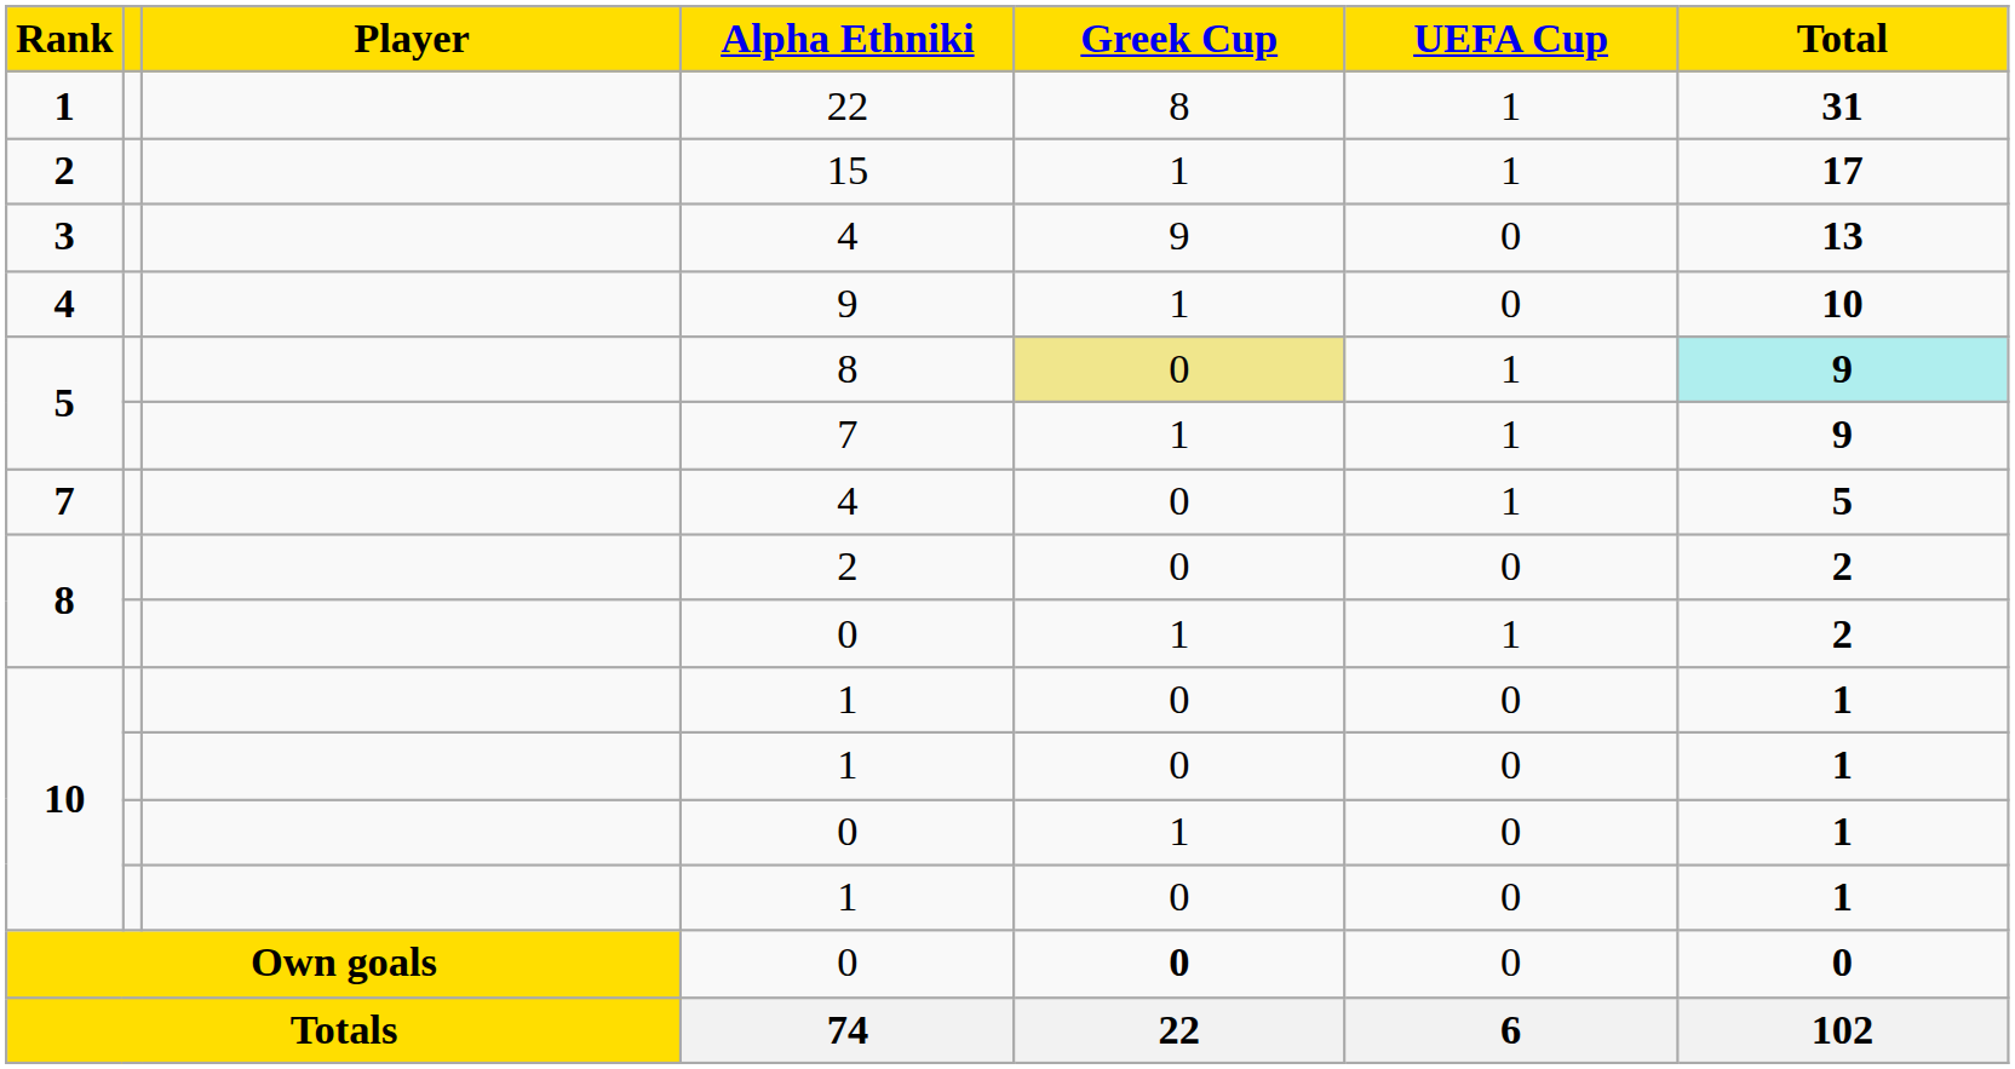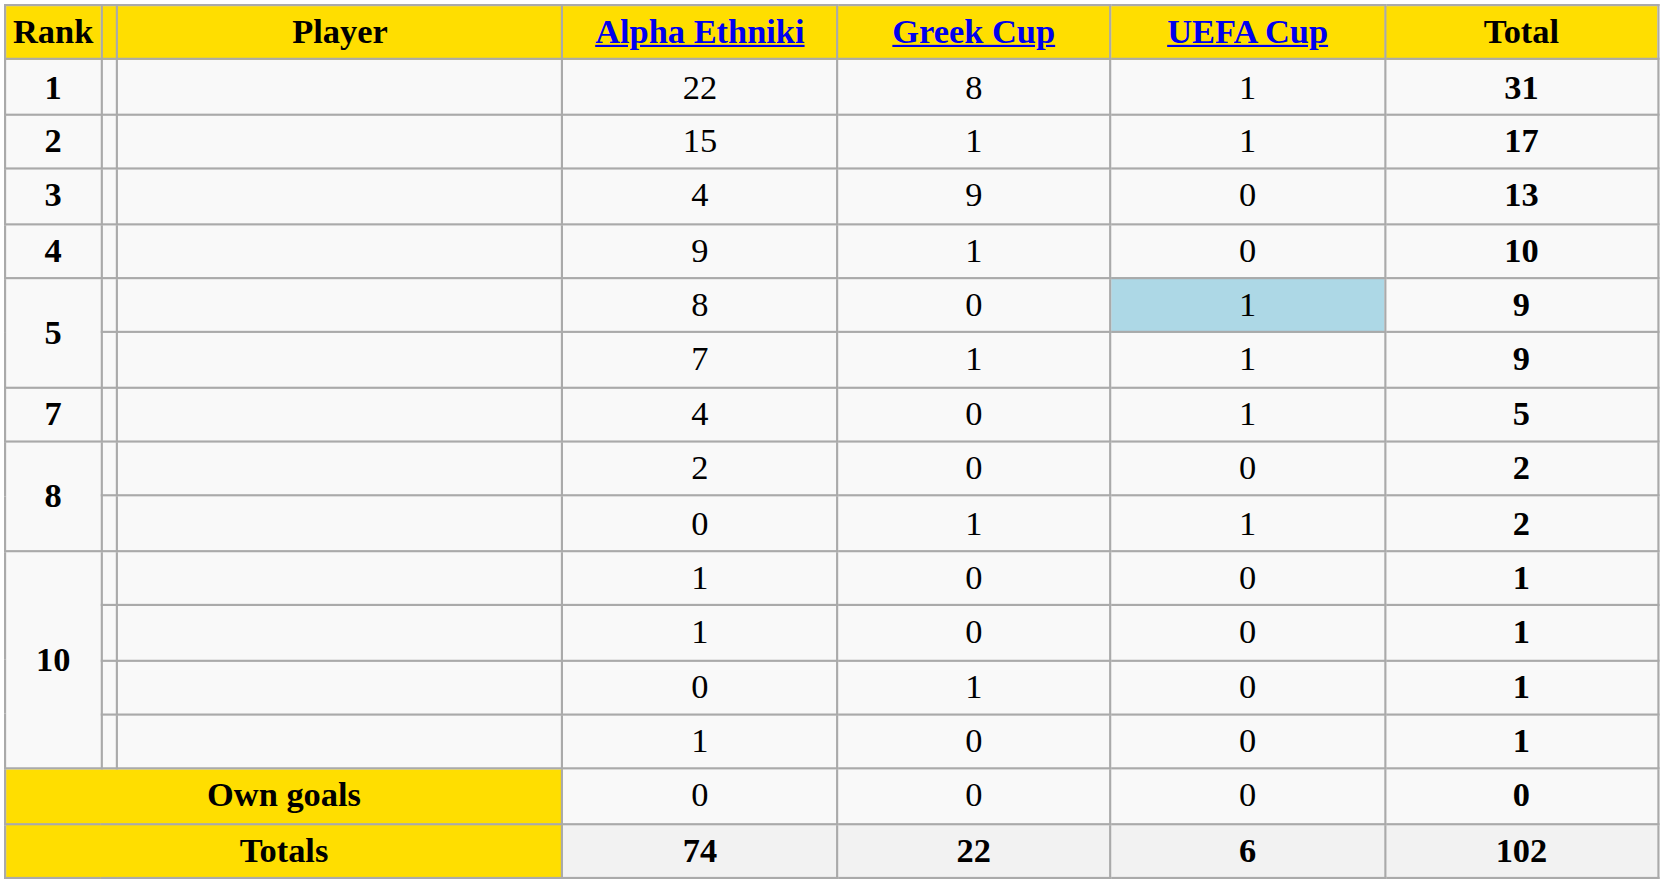 <table class="wikitable sortable" style="text-align: center">
 <tr>
 <th style="background:#FFDE00">Rank</th>
 <th style="background:#FFDE00"></th>
 <th width=200 style="background:#FFDE00">Player</th>
 <th width=120 style="background:#FFDE00"><a href='#'>Alpha Ethniki</a></th>
 <th width=120 style="background:#FFDE00"><a href='#'>Greek Cup</a></th>
 <th width=120 style="background:#FFDE00"><a href='#'>UEFA Cup</a></th>
 <th width=120 style="background:#FFDE00">Total</th>
 </tr>
 <tr>
 <td><strong>1</strong></td>
 <td></td>
 <td align=left></td>
 <td>22</td>
 <td>8</td>
 <td>1</td>
 <td><strong>31</strong></td>
 </tr>
 <tr>
 <td><strong>2</strong></td>
 <td></td>
 <td align=left></td>
 <td>15</td>
 <td>1</td>
 <td>1</td>
 <td><strong>17</strong></td>
 </tr>
 <tr>
 <td><strong>3</strong></td>
 <td></td>
 <td align=left></td>
 <td>4</td>
 <td>9</td>
 <td>0</td>
 <td><strong>13</strong></td>
 </tr>
 <tr>
 <td><strong>4</strong></td>
 <td></td>
 <td align=left></td>
 <td>9</td>
 <td>1</td>
 <td>0</td>
 <td><strong>10</strong></td>
 </tr>
 <tr>
 <td rowspan=2><strong>5</strong></td>
 <td></td>
 <td align=left></td>
 <td>8</td>
-<td style="background: khaki;">0</td>
-<td>1</td>
-<td style="background: paleturquoise;"><strong>9</strong></td>
+<td>0</td>
+<td style="background: lightblue;">1</td>
+<td><strong>9</strong></td>
 </tr>
 <tr>
 <td></td>
 <td align=left></td>
 <td>7</td>
 <td>1</td>
 <td>1</td>
 <td><strong>9</strong></td>
 </tr>
 <tr>
 <td><strong>7</strong></td>
 <td></td>
 <td align=left></td>
 <td>4</td>
 <td>0</td>
 <td>1</td>
 <td><strong>5</strong></td>
 </tr>
 <tr>
 <td rowspan=2><strong>8</strong></td>
 <td></td>
 <td align=left></td>
 <td>2</td>
 <td>0</td>
 <td>0</td>
 <td><strong>2</strong></td>
 </tr>
 <tr>
 <td></td>
 <td align=left></td>
 <td>0</td>
 <td>1</td>
 <td>1</td>
 <td><strong>2</strong></td>
 </tr>
 <tr>
 <td rowspan=4><strong>10</strong></td>
 <td></td>
 <td align=left></td>
 <td>1</td>
 <td>0</td>
 <td>0</td>
 <td><strong>1</strong></td>
 </tr>
 <tr>
 <td></td>
 <td align=left></td>
 <td>1</td>
 <td>0</td>
 <td>0</td>
 <td><strong>1</strong></td>
 </tr>
 <tr>
 <td></td>
 <td align=left></td>
 <td>0</td>
 <td>1</td>
 <td>0</td>
 <td><strong>1</strong></td>
 </tr>
 <tr>
 <td></td>
 <td align=left></td>
 <td>1</td>
 <td>0</td>
 <td>0</td>
 <td><strong>1</strong></td>
 </tr>
 <tr class="sortbottom">
 <td colspan=3 style="background:#FFDE00"><strong>Own goals</strong></td>
 <td>0</td>
-<td><strong>0</strong></td>
+<td>0</td>
 <td>0</td>
 <td><strong>0</strong></td>
 </tr>
 <tr class="sortbottom">
 <th colspan=3 style="background:#FFDE00"><strong>Totals</strong></th>
 <th><strong> 74</strong></th>
 <th><strong> 22</strong></th>
 <th><strong>  6</strong></th>
 <th><strong>102</strong></th>
 </tr>
 </table>
